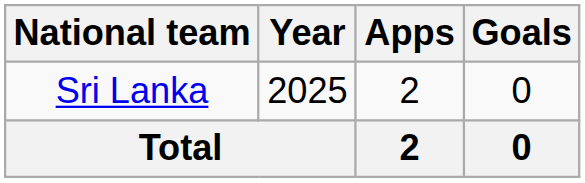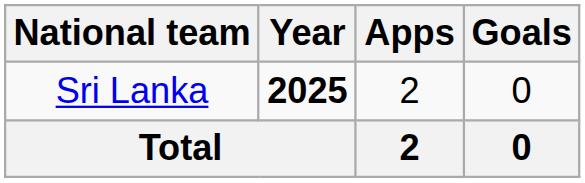 <table class="wikitable" style="text-align:center">
 <tr>
 <th>National team</th>
 <th>Year</th>
 <th>Apps</th>
 <th>Goals</th>
 </tr>
 <tr>
 <td rowspan="1"><a href='#'>Sri Lanka</a></td>
-<td>2025</td>
+<td><strong>2025</strong></td>
 <td>2</td>
 <td>0</td>
 </tr>
 <tr>
 <th colspan="2">Total</th>
 <th>2</th>
 <th>0</th>
 </tr>
 </table>
